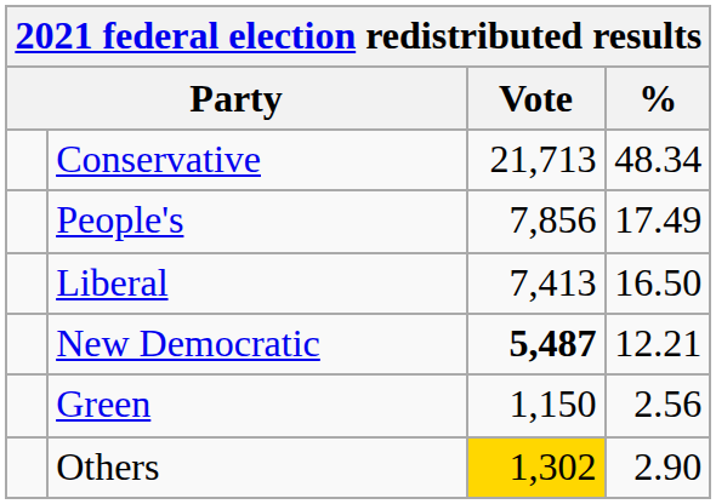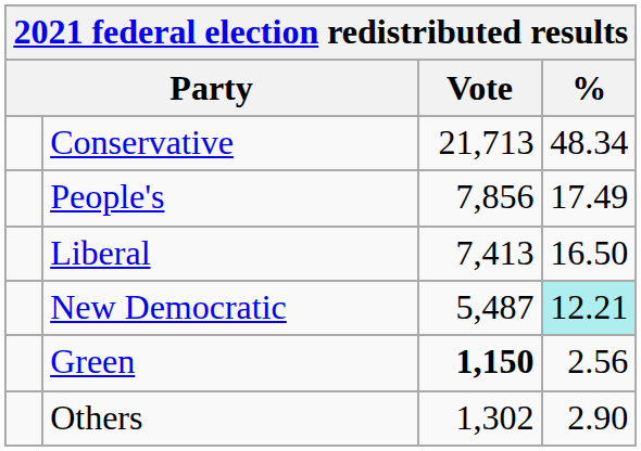 <table class="wikitable">
 <tr>
 <th colspan="4"><a href='#'>2021 federal election</a> redistributed results</th>
 </tr>
 <tr>
 <th bgcolor="#DDDDFF" width="130px" colspan="2">Party</th>
 <th bgcolor="#DDDDFF" width="50px">Vote</th>
 <th bgcolor="#DDDDFF" width="30px">%</th>
 </tr>
 <tr>
 <td> </td>
 <td><a href='#'>Conservative</a></td>
 <td align=right>21,713</td>
 <td align=right>48.34</td>
 </tr>
 <tr>
 <td> </td>
 <td><a href='#'>People's</a></td>
 <td align=right>7,856</td>
 <td align=right>17.49</td>
 </tr>
 <tr>
 <td> </td>
 <td><a href='#'>Liberal</a></td>
 <td align=right>7,413</td>
 <td align=right>16.50</td>
 </tr>
 <tr>
 <td> </td>
 <td><a href='#'>New Democratic</a></td>
-<td align=right><strong>5,487</strong></td>
-<td align=right>12.21</td>
+<td align=right>5,487</td>
+<td align=right style="background: paleturquoise;">12.21</td>
 </tr>
 <tr>
 <td> </td>
 <td><a href='#'>Green</a></td>
-<td align=right>1,150</td>
+<td align=right><strong>1,150</strong></td>
 <td align=right>2.56</td>
 </tr>
 <tr>
 <td> </td>
 <td>Others</td>
-<td align=right style="background: gold;">1,302</td>
+<td align=right>1,302</td>
 <td align=right>2.90</td>
 </tr>
 </table>
